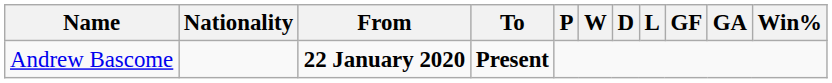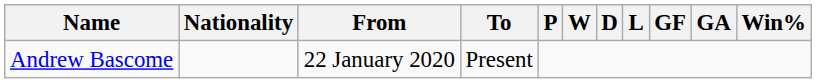 <table class="wikitable plainrowheaders sortable" style="text-align:center">
 <tr>
 <th>Name</th>
 <th>Nationality</th>
 <th>From</th>
 <th class="unsortable">To</th>
 <th>P</th>
 <th>W</th>
 <th>D</th>
 <th>L</th>
 <th>GF</th>
 <th>GA</th>
 <th>Win%</th>
 </tr>
 <tr>
 <td scope=row style=text-align:left><a href='#'>Andrew Bascome</a></td>
 <td align=left></td>
-<td align=left><strong>22 January 2020</strong></td>
-<td align=left><strong>Present<br></strong></td>
+<td align=left>22 January 2020</td>
+<td align=left>Present<br></td>
 </tr>
 </table>
